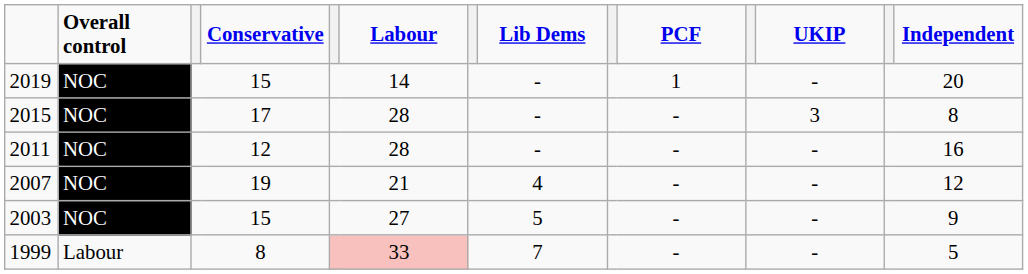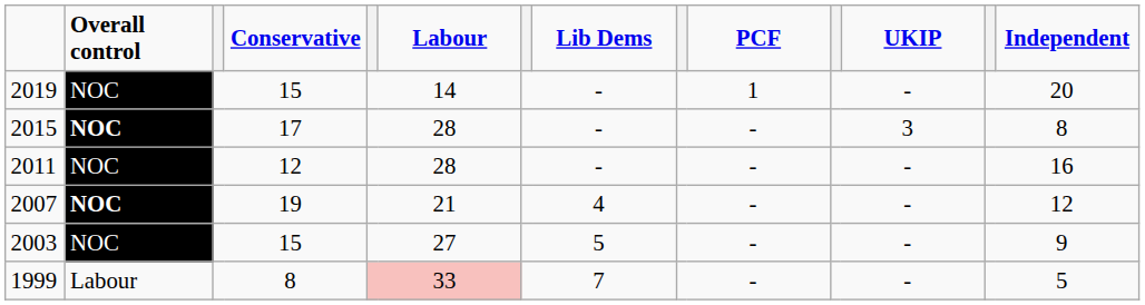 <table class="wikitable" style="text-align:left; padding-left:1em; font-size: 95%">
 <tr>
 <td width=32></td>
 <td width=90><strong>Overall control</strong></td>
 <th style="background-color: "></th>
 <td width=87 align="center"><strong><a href='#'>Conservative</a></strong></td>
 <th style="background-color: "></th>
 <td width=87 align="center"><strong><a href='#'>Labour</a></strong></td>
 <th style="background-color: "></th>
 <td width=87 align="center"><strong><a href='#'>Lib Dems</a></strong></td>
 <th style="background-color: "></th>
 <td width=87 align="center"><strong><a href='#'>PCF</a></strong></td>
 <th style="background-color: "></th>
 <td width=87 align="center"><strong><a href='#'>UKIP</a></strong></td>
 <th style="background-color: "></th>
 <td width=87 align="center"><strong><a href='#'>Independent</a></strong></td>
 </tr>
 <tr>
 <td>2019</td>
 <td style="background:black; color:white">NOC</td>
 <td colspan=2 align="center">15</td>
 <td colspan=2 align="center">14</td>
 <td colspan=2 align="center">-</td>
 <td colspan=2 align="center">1</td>
 <td colspan=2 align="center">-</td>
 <td colspan=2 align="center">20</td>
 </tr>
 <tr>
 <td>2015</td>
-<td style="background:black; color:white">NOC</td>
+<td style="background:black; color:white"><strong>NOC</strong></td>
 <td colspan=2 align="center">17</td>
 <td colspan=2 align="center">28</td>
 <td colspan=2 align="center">-</td>
 <td colspan=2 align="center">-</td>
 <td colspan=2 align="center">3</td>
 <td colspan=2 align="center">8</td>
 </tr>
 <tr>
 <td>2011</td>
 <td style="background:black; color:white">NOC</td>
 <td colspan=2 align="center">12</td>
 <td colspan=2 align="center">28</td>
 <td colspan=2 align="center">-</td>
 <td colspan=2 align="center">-</td>
 <td colspan=2 align="center">-</td>
 <td colspan=2 align="center">16</td>
 </tr>
 <tr>
 <td>2007</td>
-<td style="background:black; color:white">NOC</td>
+<td style="background:black; color:white"><strong>NOC</strong></td>
 <td colspan=2 align="center">19</td>
 <td colspan=2 align="center">21</td>
 <td colspan=2 align="center">4</td>
 <td colspan=2 align="center">-</td>
 <td colspan=2 align="center">-</td>
 <td colspan=2 align="center">12</td>
 </tr>
 <tr>
 <td>2003</td>
 <td style="background:black; color:white">NOC</td>
 <td colspan=2 align="center">15</td>
 <td colspan=2 align="center">27</td>
 <td colspan=2 align="center">5</td>
 <td colspan=2 align="center">-</td>
 <td colspan=2 align="center">-</td>
 <td colspan=2 align="center">9</td>
 </tr>
 <tr>
 <td>1999</td>
 <td style="background:">Labour</td>
 <td colspan=2 align="center">8</td>
 <td colspan=2 align="center" style="background:#F8C1BE">33</td>
 <td colspan=2 align="center">7</td>
 <td colspan=2 align="center">-</td>
 <td colspan=2 align="center">-</td>
 <td colspan=2 align="center">5</td>
 </tr>
 </table>
